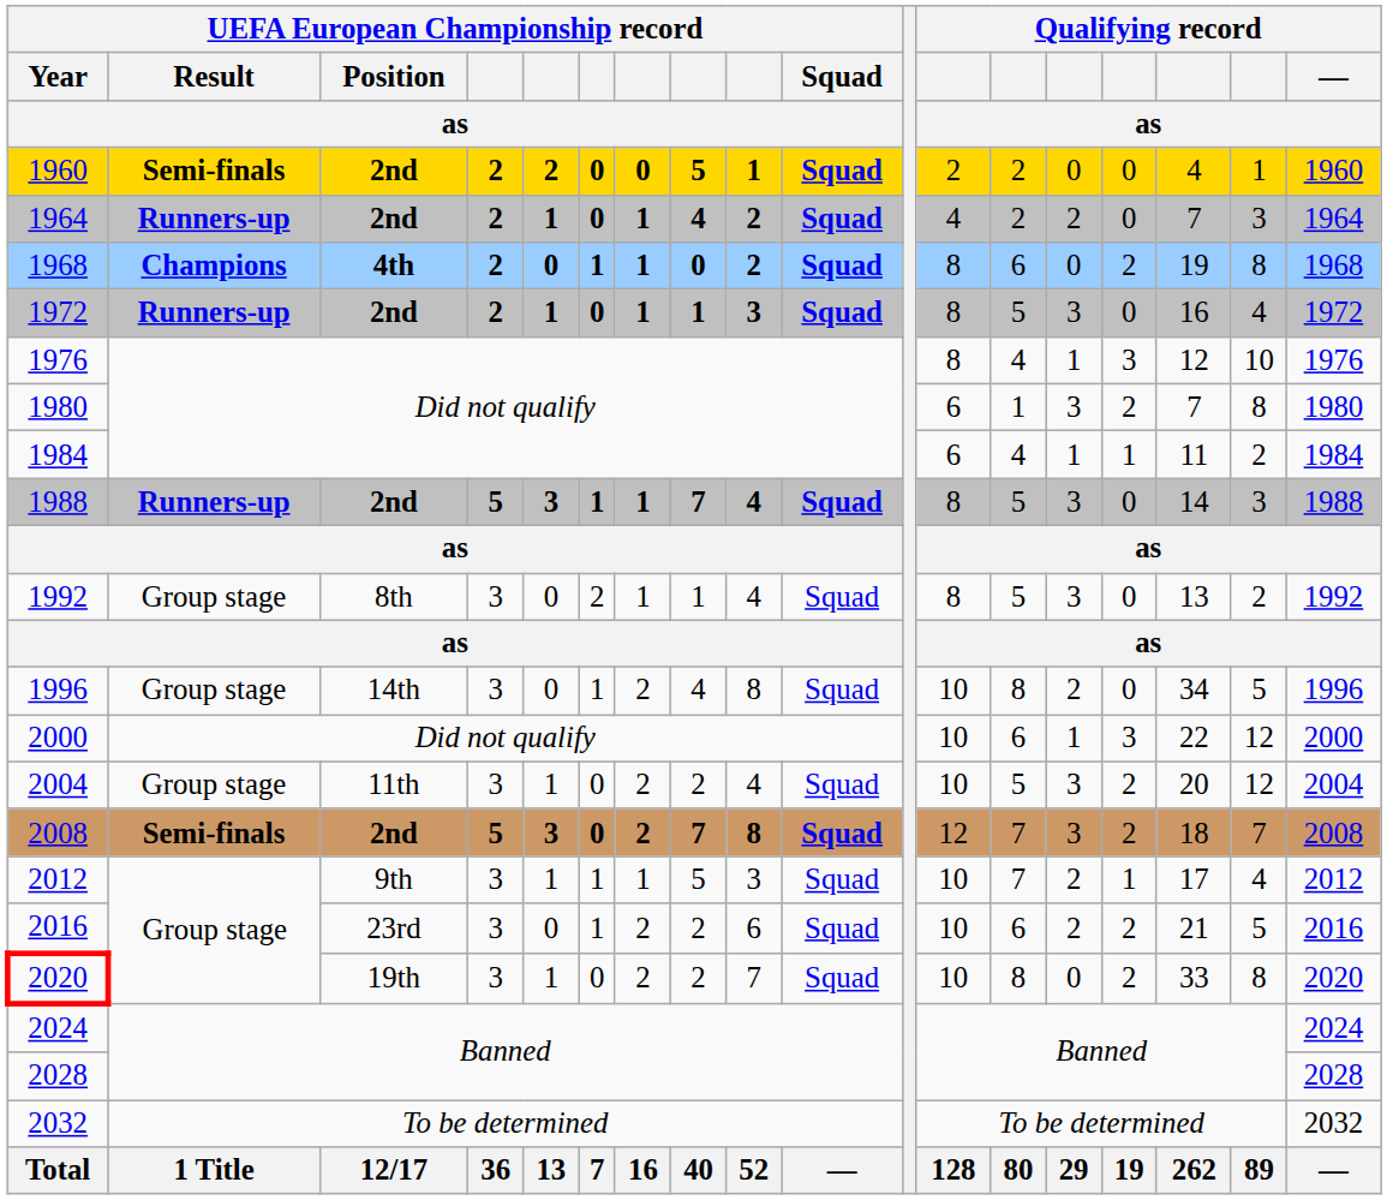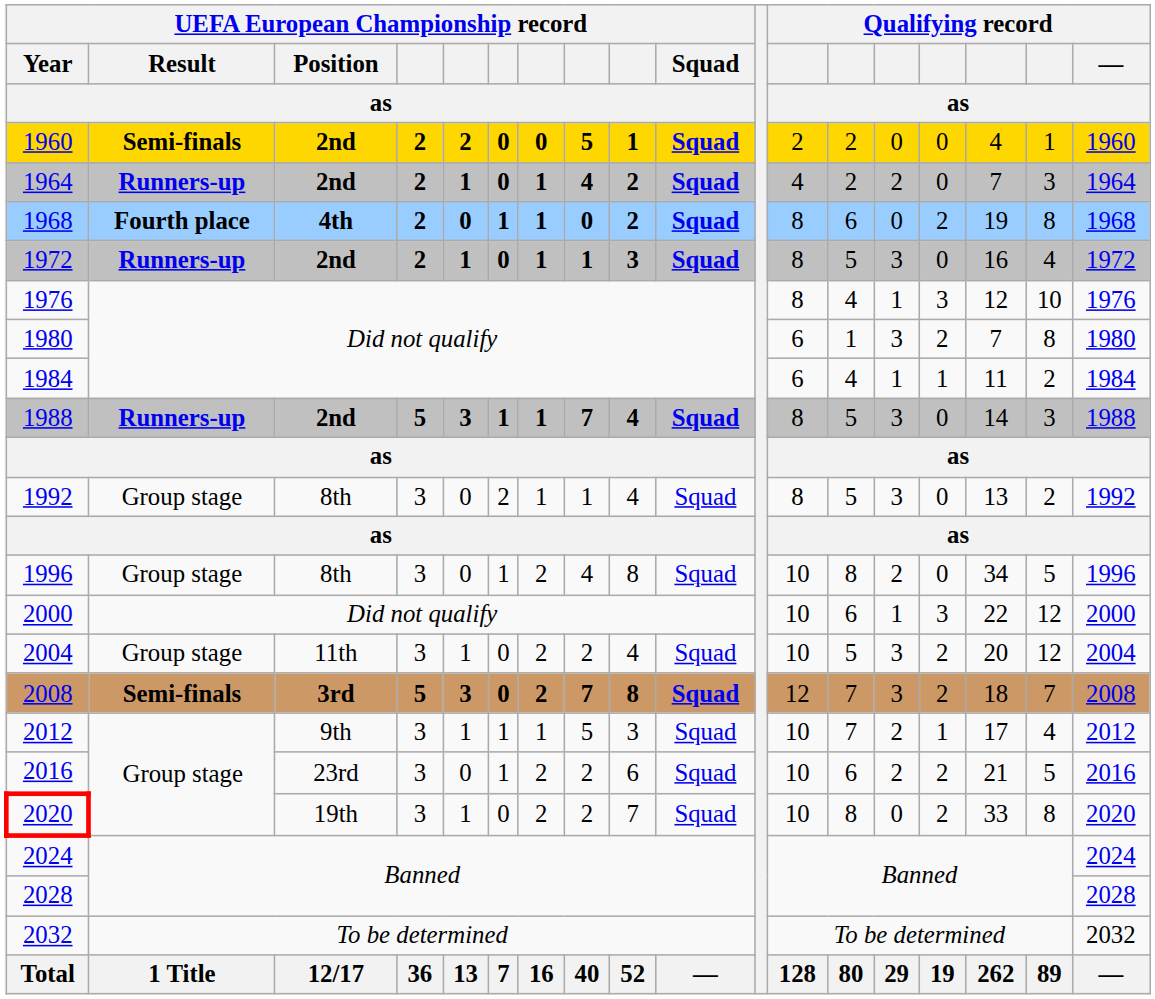 <table class="wikitable" style="text-align: center;">
 <tr>
 <th colspan=10><a href='#'>UEFA European Championship</a> record</th>
 <th width=1% rowspan=25></th>
 <th colspan=7><a href='#'>Qualifying</a> record</th>
 </tr>
 <tr>
 <th>Year</th>
 <th>Result</th>
 <th>Position</th>
 <th></th>
 <th></th>
 <th></th>
 <th></th>
 <th></th>
 <th></th>
 <th>Squad</th>
 <th></th>
 <th></th>
 <th></th>
 <th></th>
 <th></th>
 <th></th>
 <th>—</th>
 </tr>
 <tr>
 <th colspan=10>as </th>
 <th colspan=8>as </th>
 </tr>
 <tr style="background:gold;">
 <td> <a href='#'>1960</a></td>
 <td><strong>Semi-finals</strong></td>
 <td><strong>2nd</strong></td>
 <td><strong>2</strong></td>
 <td><strong>2</strong></td>
 <td><strong>0</strong></td>
 <td><strong>0</strong></td>
 <td><strong>5</strong></td>
 <td><strong>1</strong></td>
 <td><strong><a href='#'>Squad</a></strong></td>
 <td>2</td>
 <td>2</td>
 <td>0</td>
 <td>0</td>
 <td>4</td>
 <td>1</td>
 <td><a href='#'>1960</a></td>
 </tr>
 <tr style="background:silver;">
 <td> <a href='#'>1964</a></td>
 <td><strong><a href='#'>Runners-up</a></strong></td>
 <td><strong>2nd</strong></td>
 <td><strong>2</strong></td>
 <td><strong>1</strong></td>
 <td><strong>0</strong></td>
 <td><strong>1</strong></td>
 <td><strong>4</strong></td>
 <td><strong>2</strong></td>
 <td><strong><a href='#'>Squad</a></strong></td>
 <td>4</td>
 <td>2</td>
 <td>2</td>
 <td>0</td>
 <td>7</td>
 <td>3</td>
 <td><a href='#'>1964</a></td>
 </tr>
 <tr style="background:#9acdff;">
 <td> <a href='#'>1968</a></td>
-<td><strong><a href='#'>Champions</a></strong></td>
+<td><strong>Fourth place</strong></td>
 <td><strong>4th</strong></td>
 <td><strong>2</strong></td>
 <td><strong>0</strong></td>
 <td><strong>1</strong></td>
 <td><strong>1</strong></td>
 <td><strong>0</strong></td>
 <td><strong>2</strong></td>
 <td><strong><a href='#'>Squad</a></strong></td>
 <td>8</td>
 <td>6</td>
 <td>0</td>
 <td>2</td>
 <td>19</td>
 <td>8</td>
 <td><a href='#'>1968</a></td>
 </tr>
 <tr style="background:silver;">
 <td> <a href='#'>1972</a></td>
 <td><strong><a href='#'>Runners-up</a></strong></td>
 <td><strong>2nd</strong></td>
 <td><strong>2</strong></td>
 <td><strong>1</strong></td>
 <td><strong>0</strong></td>
 <td><strong>1</strong></td>
 <td><strong>1</strong></td>
 <td><strong>3</strong></td>
 <td><strong><a href='#'>Squad</a></strong></td>
 <td>8</td>
 <td>5</td>
 <td>3</td>
 <td>0</td>
 <td>16</td>
 <td>4</td>
 <td><a href='#'>1972</a></td>
 </tr>
 <tr>
 <td> <a href='#'>1976</a></td>
 <td colspan=9 rowspan=3><em>Did not qualify</em></td>
 <td>8</td>
 <td>4</td>
 <td>1</td>
 <td>3</td>
 <td>12</td>
 <td>10</td>
 <td><a href='#'>1976</a></td>
 </tr>
 <tr>
 <td> <a href='#'>1980</a></td>
 <td>6</td>
 <td>1</td>
 <td>3</td>
 <td>2</td>
 <td>7</td>
 <td>8</td>
 <td><a href='#'>1980</a></td>
 </tr>
 <tr>
 <td> <a href='#'>1984</a></td>
 <td>6</td>
 <td>4</td>
 <td>1</td>
 <td>1</td>
 <td>11</td>
 <td>2</td>
 <td><a href='#'>1984</a></td>
 </tr>
 <tr style="background:silver;">
 <td> <a href='#'>1988</a></td>
 <td><strong><a href='#'>Runners-up</a></strong></td>
 <td><strong>2nd</strong></td>
 <td><strong>5</strong></td>
 <td><strong>3</strong></td>
 <td><strong>1</strong></td>
 <td><strong>1</strong></td>
 <td><strong>7</strong></td>
 <td><strong>4</strong></td>
 <td><strong><a href='#'>Squad</a></strong></td>
 <td>8</td>
 <td>5</td>
 <td>3</td>
 <td>0</td>
 <td>14</td>
 <td>3</td>
 <td><a href='#'>1988</a></td>
 </tr>
 <tr>
 <th colspan=10>as </th>
 <th colspan=8>as </th>
 </tr>
 <tr>
 <td> <a href='#'>1992</a></td>
 <td>Group stage</td>
 <td>8th</td>
 <td>3</td>
 <td>0</td>
 <td>2</td>
 <td>1</td>
 <td>1</td>
 <td>4</td>
 <td><a href='#'>Squad</a></td>
 <td>8</td>
 <td>5</td>
 <td>3</td>
 <td>0</td>
 <td>13</td>
 <td>2</td>
 <td><a href='#'>1992</a></td>
 </tr>
 <tr>
 <th colspan=10>as </th>
 <th colspan=8>as </th>
 </tr>
 <tr>
 <td> <a href='#'>1996</a></td>
 <td>Group stage</td>
-<td>14th</td>
+<td>8th</td>
 <td>3</td>
 <td>0</td>
 <td>1</td>
 <td>2</td>
 <td>4</td>
 <td>8</td>
 <td><a href='#'>Squad</a></td>
 <td>10</td>
 <td>8</td>
 <td>2</td>
 <td>0</td>
 <td>34</td>
 <td>5</td>
 <td><a href='#'>1996</a></td>
 </tr>
 <tr>
 <td>  <a href='#'>2000</a></td>
 <td colspan=9><em>Did not qualify</em></td>
 <td>10</td>
 <td>6</td>
 <td>1</td>
 <td>3</td>
 <td>22</td>
 <td>12</td>
 <td><a href='#'>2000</a></td>
 </tr>
 <tr>
 <td> <a href='#'>2004</a></td>
 <td>Group stage</td>
 <td>11th</td>
 <td>3</td>
 <td>1</td>
 <td>0</td>
 <td>2</td>
 <td>2</td>
 <td>4</td>
 <td><a href='#'>Squad</a></td>
 <td>10</td>
 <td>5</td>
 <td>3</td>
 <td>2</td>
 <td>20</td>
 <td>12</td>
 <td><a href='#'>2004</a></td>
 </tr>
 <tr style="background:#c96;">
 <td>  <a href='#'>2008</a></td>
 <td><strong>Semi-finals</strong></td>
-<td><strong>2nd</strong></td>
+<td><strong>3rd</strong></td>
 <td><strong>5</strong></td>
 <td><strong>3</strong></td>
 <td><strong>0</strong></td>
 <td><strong>2</strong></td>
 <td><strong>7</strong></td>
 <td><strong>8</strong></td>
 <td><strong><a href='#'>Squad</a></strong></td>
 <td>12</td>
 <td>7</td>
 <td>3</td>
 <td>2</td>
 <td>18</td>
 <td>7</td>
 <td><a href='#'>2008</a></td>
 </tr>
 <tr>
 <td>  <a href='#'>2012</a></td>
 <td rowspan=3>Group stage</td>
 <td>9th</td>
 <td>3</td>
 <td>1</td>
 <td>1</td>
 <td>1</td>
 <td>5</td>
 <td>3</td>
 <td><a href='#'>Squad</a></td>
 <td>10</td>
 <td>7</td>
 <td>2</td>
 <td>1</td>
 <td>17</td>
 <td>4</td>
 <td><a href='#'>2012</a></td>
 </tr>
 <tr>
 <td> <a href='#'>2016</a></td>
 <td>23rd</td>
 <td>3</td>
 <td>0</td>
 <td>1</td>
 <td>2</td>
 <td>2</td>
 <td>6</td>
 <td><a href='#'>Squad</a></td>
 <td>10</td>
 <td>6</td>
 <td>2</td>
 <td>2</td>
 <td>21</td>
 <td>5</td>
 <td><a href='#'>2016</a></td>
 </tr>
 <tr>
 <td style="border: 3px solid red"> <a href='#'>2020</a></td>
 <td>19th</td>
 <td>3</td>
 <td>1</td>
 <td>0</td>
 <td>2</td>
 <td>2</td>
 <td>7</td>
 <td><a href='#'>Squad</a></td>
 <td>10</td>
 <td>8</td>
 <td>0</td>
 <td>2</td>
 <td>33</td>
 <td>8</td>
 <td><a href='#'>2020</a></td>
 </tr>
 <tr>
 <td> <a href='#'>2024</a></td>
 <td colspan=9 rowspan=2><em>Banned</em></td>
 <td colspan=6 rowspan=2><em>Banned</em></td>
 <td><a href='#'>2024</a></td>
 </tr>
 <tr>
 <td>  <a href='#'>2028</a></td>
 <td><a href='#'>2028</a></td>
 </tr>
 <tr>
 <td>  <a href='#'>2032</a></td>
 <td colspan=9><em>To be determined</em></td>
 <td colspan=6><em>To be determined</em></td>
 <td>2032</td>
 </tr>
 <tr>
 <th>Total</th>
 <th>1 Title</th>
 <th>12/17</th>
 <th>36</th>
 <th>13</th>
 <th>7</th>
 <th>16</th>
 <th>40</th>
 <th>52</th>
 <th>—</th>
 <th>128</th>
 <th>80</th>
 <th>29</th>
 <th>19</th>
 <th>262</th>
 <th>89</th>
 <th>—</th>
 </tr>
 </table>
